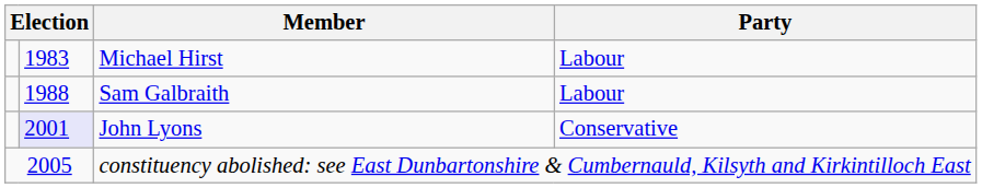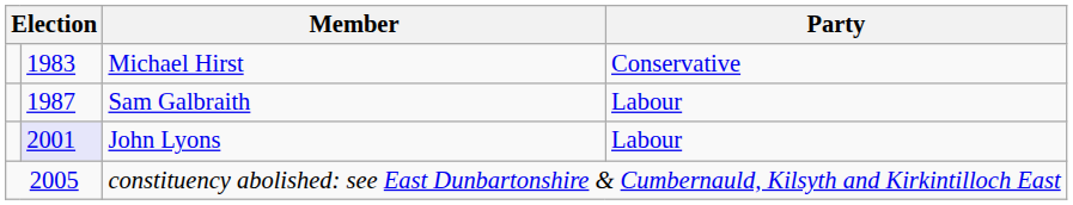 <table class="wikitable">
 <tr>
 <th colspan="2">Election</th>
 <th>Member</th>
 <th>Party</th>
 </tr>
 <tr>
 <td style="color:inherit;background-color: "></td>
 <td><a href='#'>1983</a></td>
 <td><a href='#'>Michael Hirst</a></td>
-<td><a href='#'>Labour</a></td>
+<td><a href='#'>Conservative</a></td>
 </tr>
 <tr>
 <td style="color:inherit;background-color: "></td>
-<td><a href='#'>1988</a></td>
+<td><a href='#'>1987</a></td>
 <td><a href='#'>Sam Galbraith</a></td>
 <td><a href='#'>Labour</a></td>
 </tr>
 <tr>
 <td style="color:inherit;background-color: "></td>
 <td style="background: lavender;"><a href='#'>2001</a></td>
 <td><a href='#'>John Lyons</a></td>
-<td><a href='#'>Conservative</a></td>
+<td><a href='#'>Labour</a></td>
 </tr>
 <tr>
 <td colspan="2" align="center"><a href='#'>2005</a></td>
 <td colspan="2"><em>constituency abolished: see <a href='#'>East Dunbartonshire</a> & <a href='#'>Cumbernauld, Kilsyth and Kirkintilloch East</a></em></td>
 </tr>
 </table>
